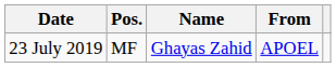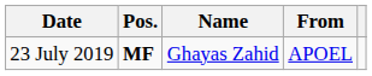 <table class="wikitable">
 <tr>
 <th>Date</th>
 <th>Pos.</th>
 <th>Name</th>
 <th>From</th>
 <th></th>
 </tr>
 <tr>
 </tr>
 <tr>
 <td>23 July 2019</td>
-<td>MF</td>
+<td><strong>MF</strong></td>
 <td> <a href='#'>Ghayas Zahid</a></td>
 <td> <a href='#'>APOEL</a></td>
 <td></td>
 </tr>
 </table>
